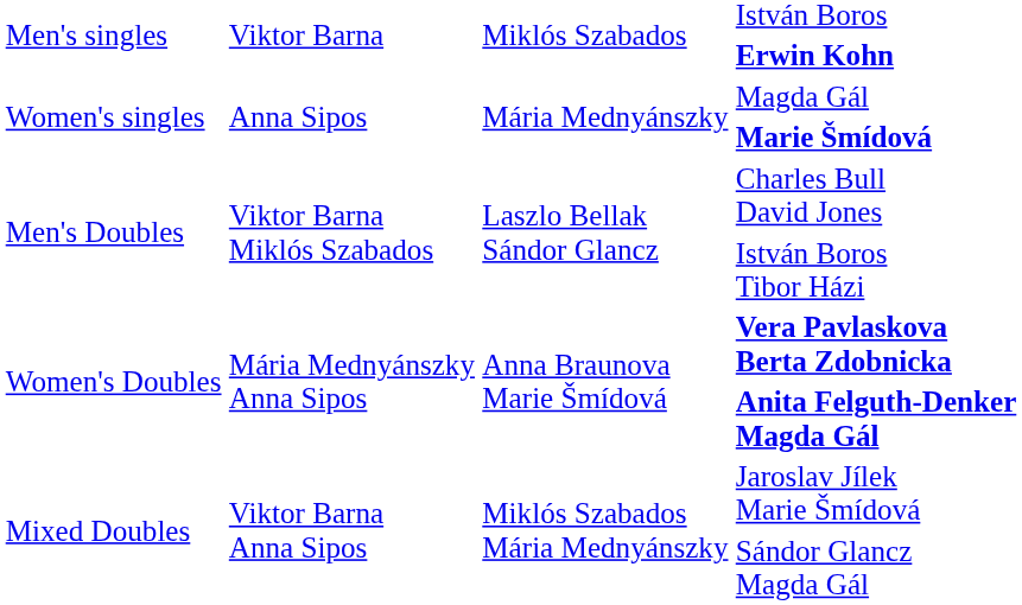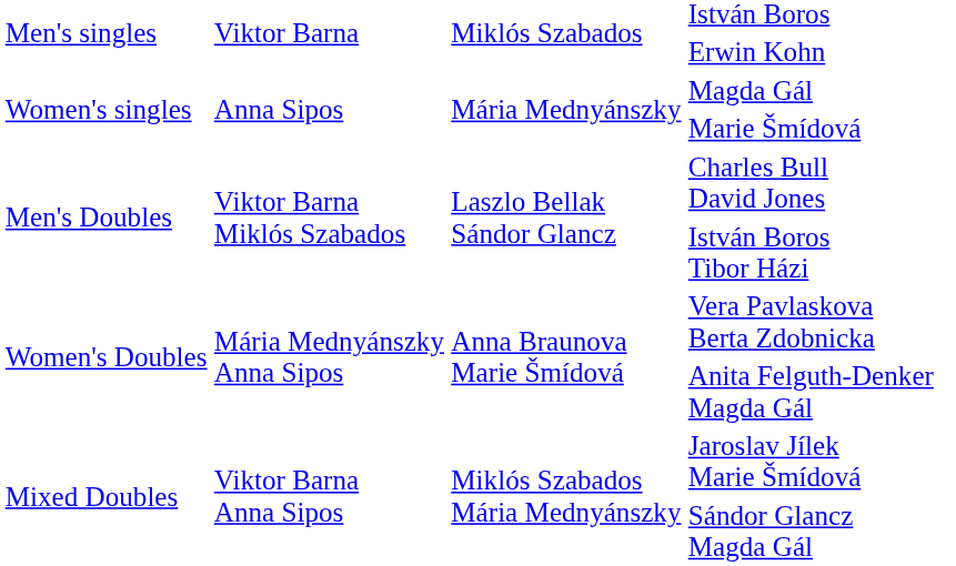 <table>
 <tr>
 <td rowspan=2><a href='#'>Men's singles</a></td>
 <td rowspan=2> <a href='#'>Viktor Barna</a></td>
 <td rowspan=2> <a href='#'>Miklós Szabados</a></td>
 <td> <a href='#'>István Boros</a></td>
 </tr>
 <tr>
-<td><strong> <a href='#'>Erwin Kohn</a></strong></td>
+<td> <a href='#'>Erwin Kohn</a></td>
 </tr>
 <tr>
 <td rowspan=2><a href='#'>Women's singles</a></td>
 <td rowspan=2> <a href='#'>Anna Sipos</a></td>
 <td rowspan=2> <a href='#'>Mária Mednyánszky</a></td>
 <td> <a href='#'>Magda Gál</a></td>
 </tr>
 <tr>
-<td><strong> <a href='#'>Marie Šmídová</a></strong></td>
+<td> <a href='#'>Marie Šmídová</a></td>
 </tr>
 <tr>
 <td rowspan=2><a href='#'>Men's Doubles</a></td>
 <td rowspan=2> <a href='#'>Viktor Barna</a><br> <a href='#'>Miklós Szabados</a></td>
 <td rowspan=2> <a href='#'>Laszlo Bellak</a><br> <a href='#'>Sándor Glancz</a></td>
 <td> <a href='#'>Charles Bull</a><br> <a href='#'>David Jones</a></td>
 </tr>
 <tr>
 <td> <a href='#'>István Boros</a><br> <a href='#'>Tibor Házi</a></td>
 </tr>
 <tr>
 <td rowspan=2><a href='#'>Women's Doubles</a></td>
 <td rowspan=2> <a href='#'>Mária Mednyánszky</a><br> <a href='#'>Anna Sipos</a></td>
 <td rowspan=2> <a href='#'>Anna Braunova</a><br> <a href='#'>Marie Šmídová</a></td>
-<td><strong> <a href='#'>Vera Pavlaskova</a><br> <a href='#'>Berta Zdobnicka</a></strong></td>
+<td> <a href='#'>Vera Pavlaskova</a><br> <a href='#'>Berta Zdobnicka</a></td>
 </tr>
 <tr>
-<td><strong> <a href='#'>Anita Felguth-Denker</a><br> <a href='#'>Magda Gál</a></strong></td>
+<td> <a href='#'>Anita Felguth-Denker</a><br> <a href='#'>Magda Gál</a></td>
 </tr>
 <tr>
 <td rowspan=2><a href='#'>Mixed Doubles</a></td>
 <td rowspan=2> <a href='#'>Viktor Barna</a><br> <a href='#'>Anna Sipos</a></td>
 <td rowspan=2> <a href='#'>Miklós Szabados</a><br> <a href='#'>Mária Mednyánszky</a></td>
 <td> <a href='#'>Jaroslav Jílek</a><br> <a href='#'>Marie Šmídová</a></td>
 </tr>
 <tr>
 <td> <a href='#'>Sándor Glancz</a><br> <a href='#'>Magda Gál</a></td>
 </tr>
 </table>
